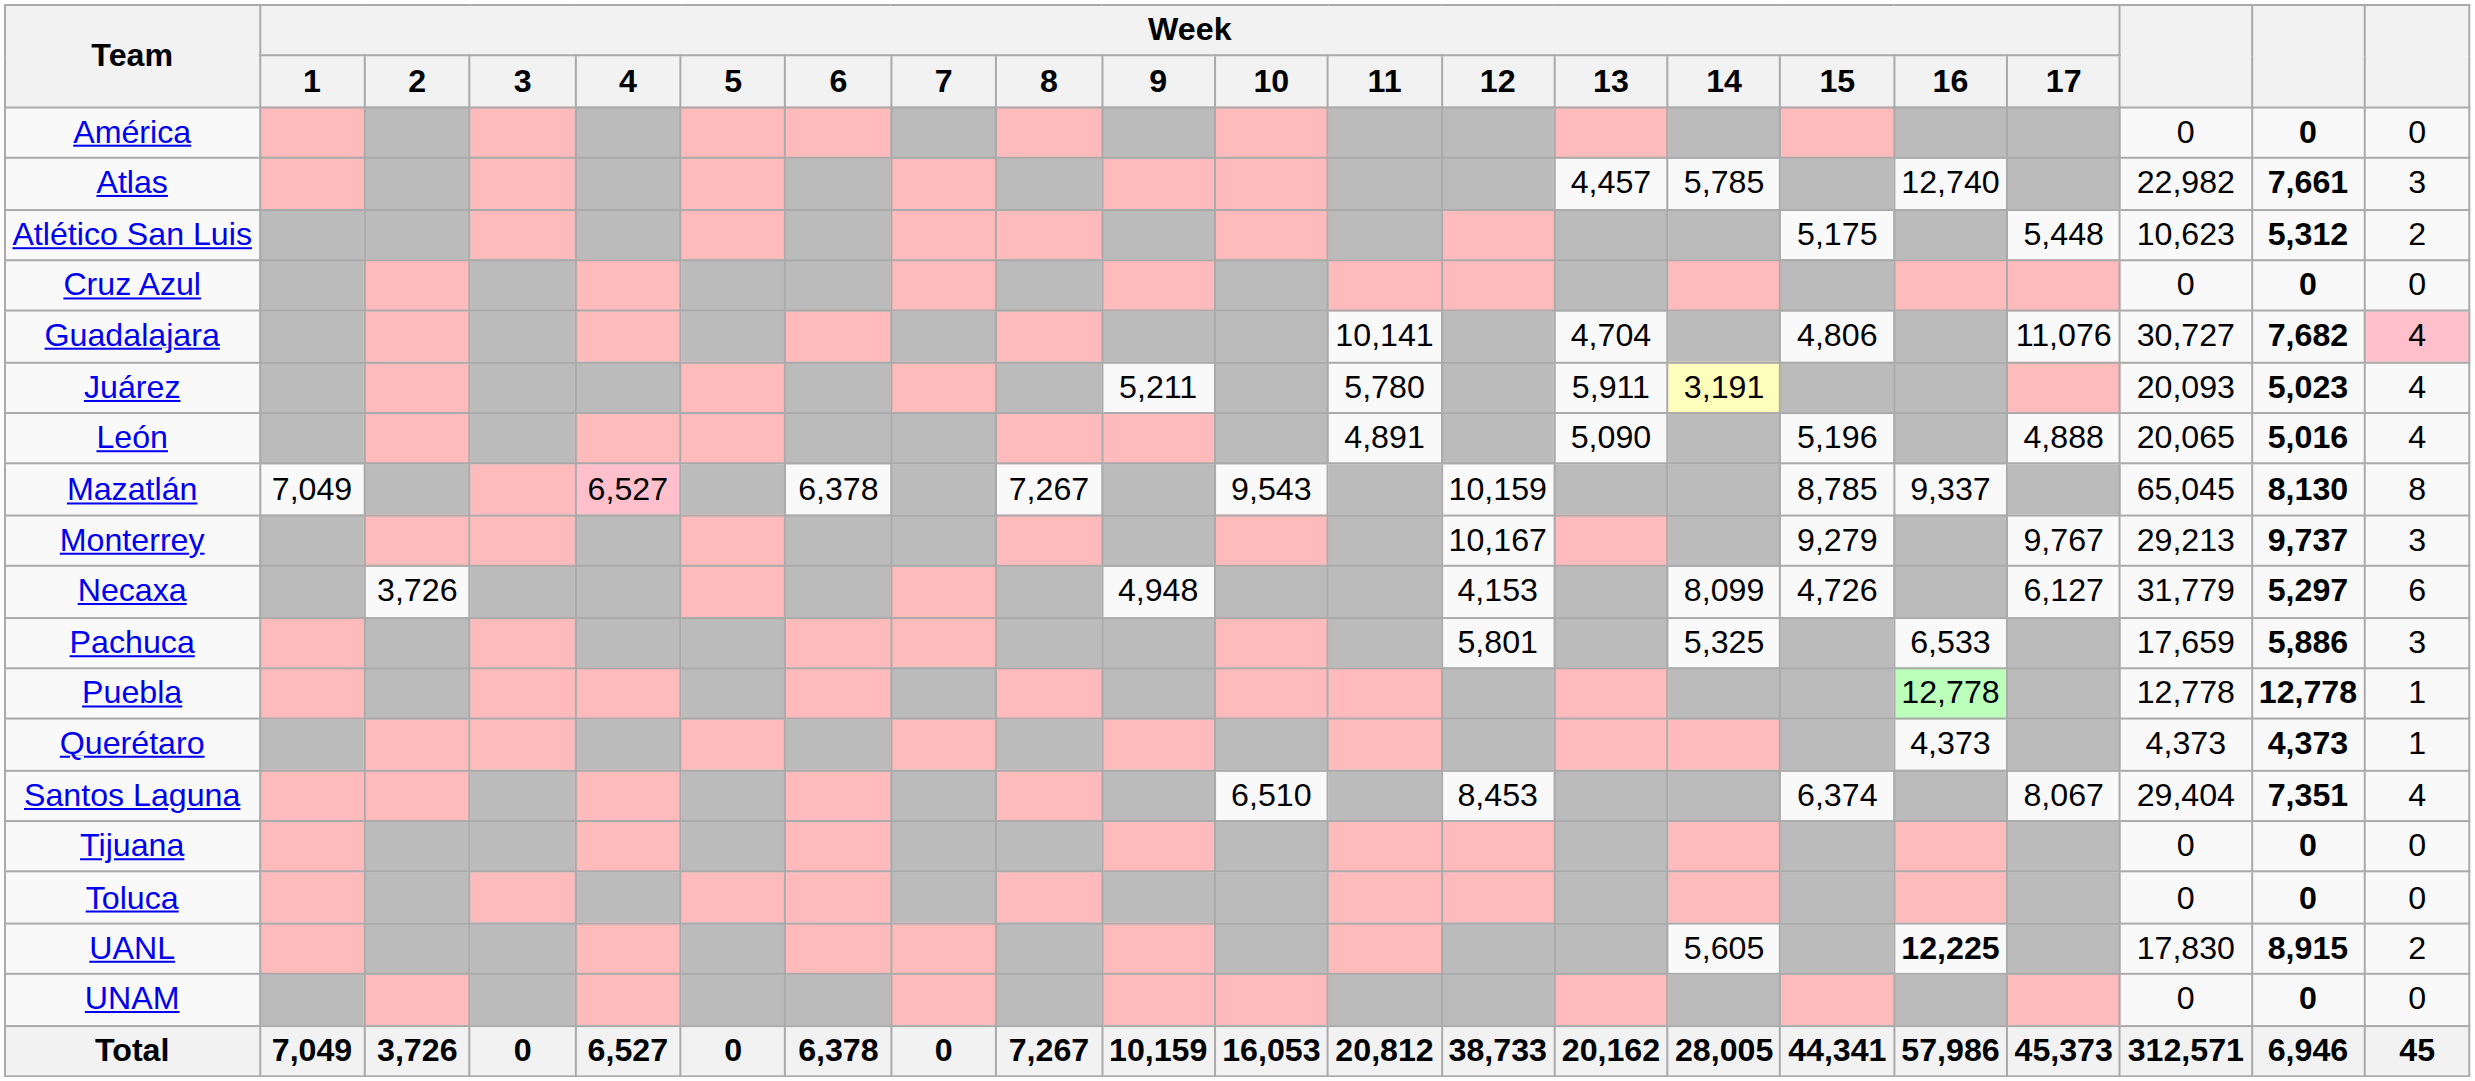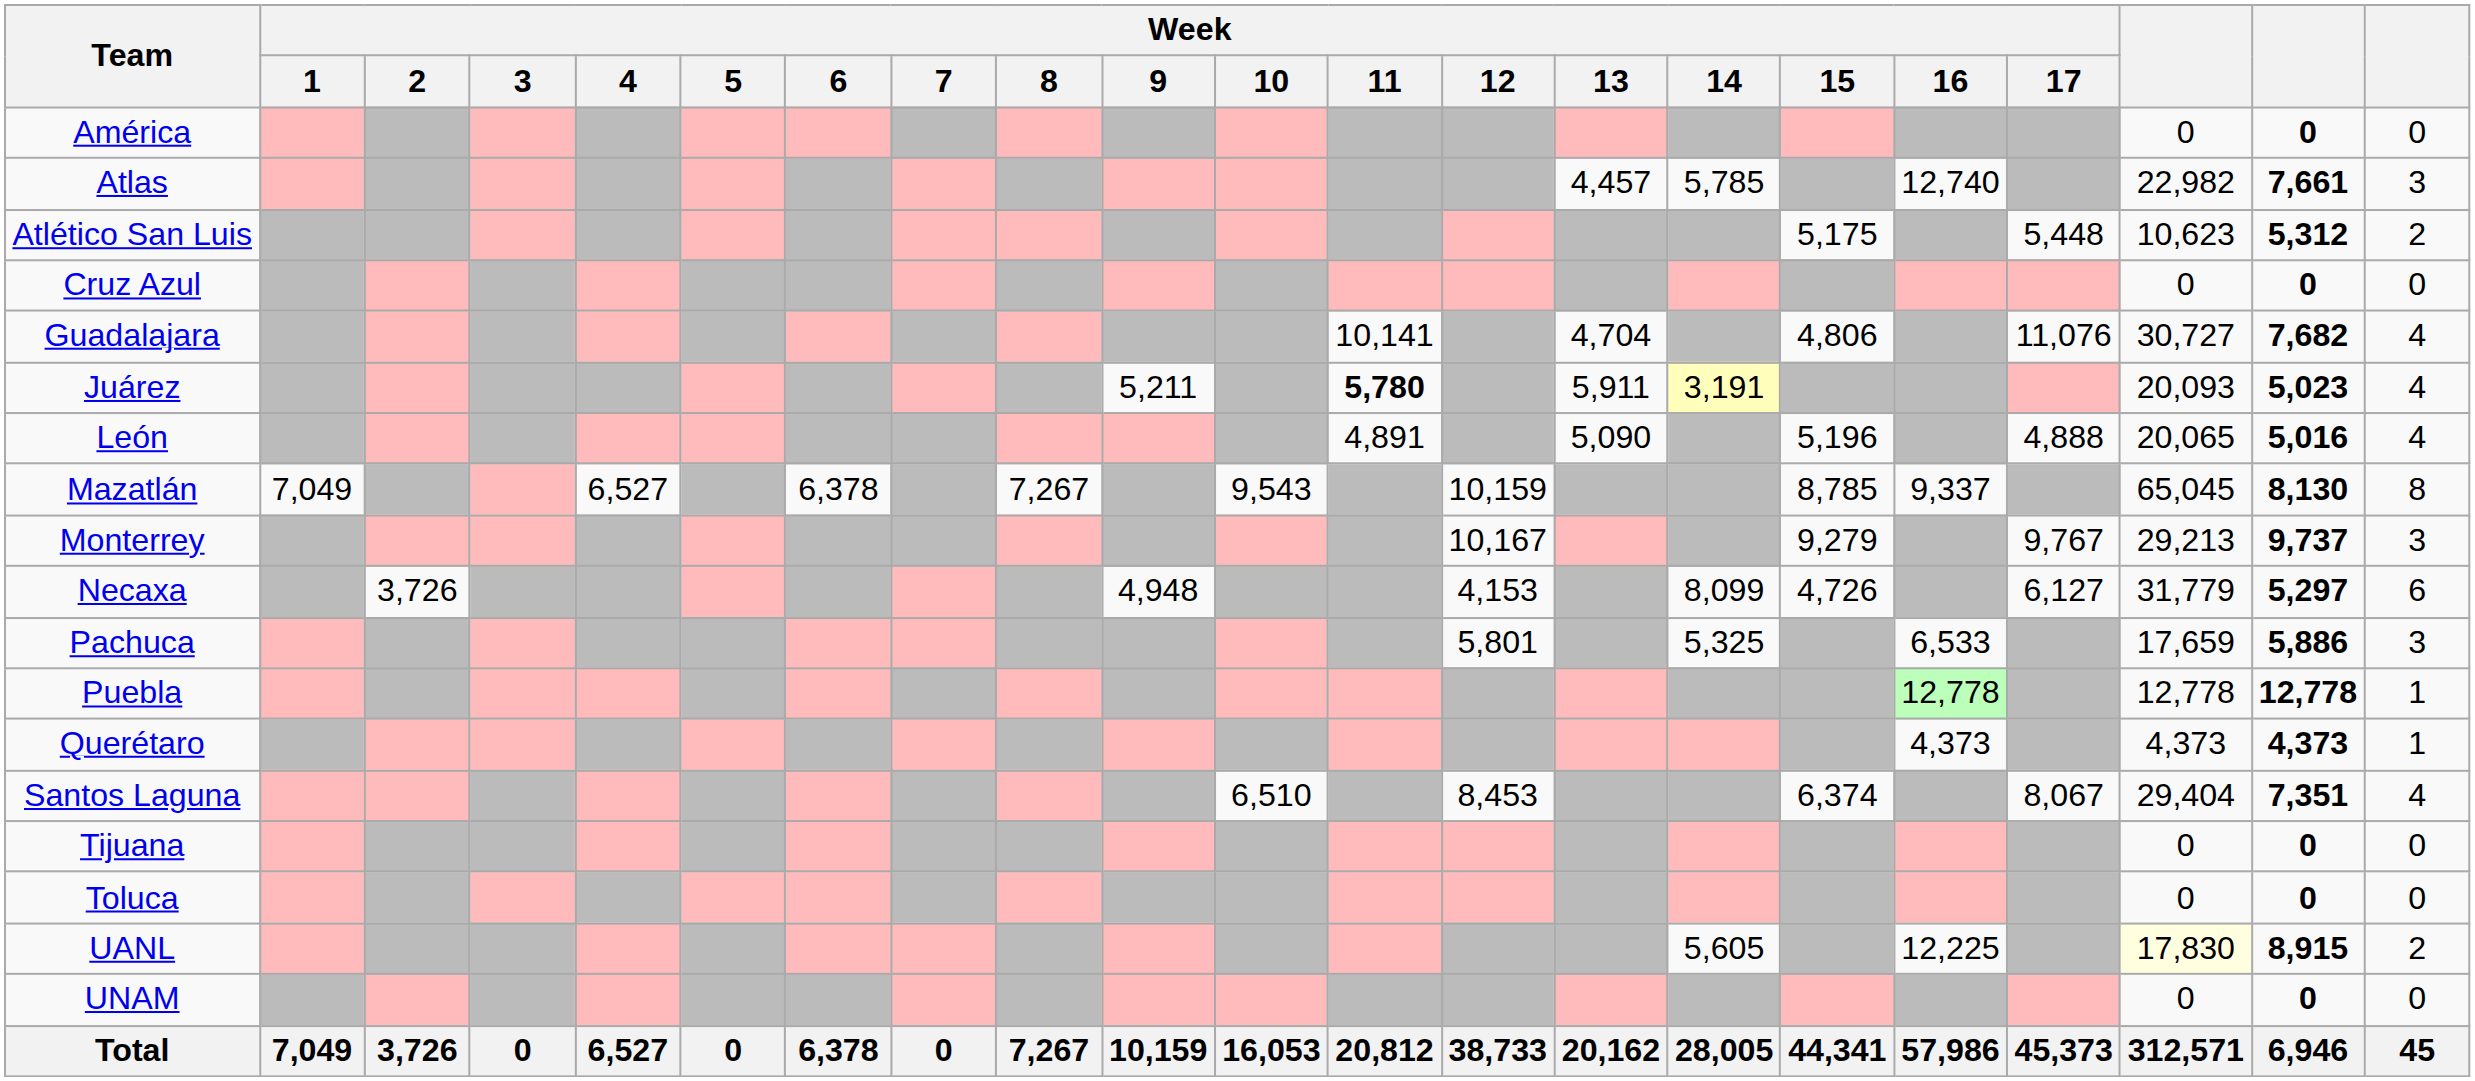 <table class="wikitable" style="text-align:center">
 <tr>
 <th colspan=1 rowspan="2">Team</th>
 <th colspan=17>Week</th>
 <th colspan=1 rowspan="2" width=45></th>
 <th colspan=1 rowspan="2" width=45></th>
 <th colspan=1 rowspan="2" width=45></th>
 </tr>
 <tr>
 <th width=45>1</th>
 <th width=45>2</th>
 <th width=45>3</th>
 <th width=45>4</th>
 <th width=45>5</th>
 <th width=45>6</th>
 <th width=45>7</th>
 <th width=45>8</th>
 <th width=45>9</th>
 <th width=45>10</th>
 <th width=45>11</th>
 <th width=45>12</th>
 <th width=45>13</th>
 <th width=45>14</th>
 <th width=45>15</th>
 <th width=45>16</th>
 <th width=45>17</th>
 </tr>
 <tr>
 <td><a href='#'>América</a></td>
 <td bgcolor=#FFBBBB></td>
 <td bgcolor=#BBBBBB></td>
 <td bgcolor=#FFBBBB></td>
 <td bgcolor=#BBBBBB></td>
 <td bgcolor=#FFBBBB></td>
 <td bgcolor=#FFBBBB></td>
 <td bgcolor=#BBBBBB></td>
 <td bgcolor=#FFBBBB></td>
 <td bgcolor=#BBBBBB></td>
 <td bgcolor=#FFBBBB></td>
 <td bgcolor=#BBBBBB></td>
 <td bgcolor=#BBBBBB></td>
 <td bgcolor=#FFBBBB></td>
 <td bgcolor=#BBBBBB></td>
 <td bgcolor=#FFBBBB></td>
 <td bgcolor=#BBBBBB></td>
 <td bgcolor=#BBBBBB></td>
 <td>0</td>
 <td><strong>0</strong></td>
 <td>0</td>
 </tr>
 <tr>
 <td><a href='#'>Atlas</a></td>
 <td bgcolor=#FFBBBB></td>
 <td bgcolor=#BBBBBB></td>
 <td bgcolor=#FFBBBB></td>
 <td bgcolor=#BBBBBB></td>
 <td bgcolor=#FFBBBB></td>
 <td bgcolor=#BBBBBB></td>
 <td bgcolor=#FFBBBB></td>
 <td bgcolor=#BBBBBB></td>
 <td bgcolor=#FFBBBB></td>
 <td bgcolor=#FFBBBB></td>
 <td bgcolor=#BBBBBB></td>
 <td bgcolor=#BBBBBB></td>
 <td>4,457</td>
 <td>5,785</td>
 <td bgcolor=#BBBBBB></td>
 <td>12,740</td>
 <td bgcolor=#BBBBBB></td>
 <td>22,982</td>
 <td><strong>7,661</strong></td>
 <td>3</td>
 </tr>
 <tr>
 <td><a href='#'>Atlético San Luis</a></td>
 <td bgcolor=#BBBBBB></td>
 <td bgcolor=#BBBBBB></td>
 <td bgcolor=#FFBBBB></td>
 <td bgcolor=#BBBBBB></td>
 <td bgcolor=#FFBBBB></td>
 <td bgcolor=#BBBBBB></td>
 <td bgcolor=#FFBBBB></td>
 <td bgcolor=#FFBBBB></td>
 <td bgcolor=#BBBBBB></td>
 <td bgcolor=#FFBBBB></td>
 <td bgcolor=#BBBBBB></td>
 <td bgcolor=#FFBBBB></td>
 <td bgcolor=#BBBBBB></td>
 <td bgcolor=#BBBBBB></td>
 <td>5,175</td>
 <td bgcolor=#BBBBBB></td>
 <td>5,448</td>
 <td>10,623</td>
 <td><strong>5,312</strong></td>
 <td>2</td>
 </tr>
 <tr>
 <td><a href='#'>Cruz Azul</a></td>
 <td bgcolor=#BBBBBB></td>
 <td bgcolor=#FFBBBB></td>
 <td bgcolor=#BBBBBB></td>
 <td bgcolor=#FFBBBB></td>
 <td bgcolor=#BBBBBB></td>
 <td bgcolor=#BBBBBB></td>
 <td bgcolor=#FFBBBB></td>
 <td bgcolor=#BBBBBB></td>
 <td bgcolor=#FFBBBB></td>
 <td bgcolor=#BBBBBB></td>
 <td bgcolor=#FFBBBB></td>
 <td bgcolor=#FFBBBB></td>
 <td bgcolor=#BBBBBB></td>
 <td bgcolor=#FFBBBB></td>
 <td bgcolor=#BBBBBB></td>
 <td bgcolor=#FFBBBB></td>
 <td bgcolor=#FFBBBB></td>
 <td>0</td>
 <td><strong>0</strong></td>
 <td>0</td>
 </tr>
 <tr>
 <td><a href='#'>Guadalajara</a></td>
 <td bgcolor=#BBBBBB></td>
 <td bgcolor=#FFBBBB></td>
 <td bgcolor=#BBBBBB></td>
 <td bgcolor=#FFBBBB></td>
 <td bgcolor=#BBBBBB></td>
 <td bgcolor=#FFBBBB></td>
 <td bgcolor=#BBBBBB></td>
 <td bgcolor=#FFBBBB></td>
 <td bgcolor=#BBBBBB></td>
 <td bgcolor=#BBBBBB></td>
 <td>10,141</td>
 <td bgcolor=#BBBBBB></td>
 <td>4,704</td>
 <td bgcolor=#BBBBBB></td>
 <td>4,806</td>
 <td bgcolor=#BBBBBB></td>
 <td>11,076</td>
 <td>30,727</td>
 <td><strong>7,682</strong></td>
-<td style="background: pink;">4</td>
+<td>4</td>
 </tr>
 <tr>
 <td><a href='#'>Juárez</a></td>
 <td bgcolor=#BBBBBB></td>
 <td bgcolor=#FFBBBB></td>
 <td bgcolor=#BBBBBB></td>
 <td bgcolor=#BBBBBB></td>
 <td bgcolor=#FFBBBB></td>
 <td bgcolor=#BBBBBB></td>
 <td bgcolor=#FFBBBB></td>
 <td bgcolor=#BBBBBB></td>
 <td>5,211</td>
 <td bgcolor=#BBBBBB></td>
-<td>5,780</td>
+<td><strong>5,780</strong></td>
 <td bgcolor=#BBBBBB></td>
 <td>5,911</td>
 <td bgcolor=#FFFFBB>3,191</td>
 <td bgcolor=#BBBBBB></td>
 <td bgcolor=#BBBBBB></td>
 <td bgcolor=#FFBBBB></td>
 <td>20,093</td>
 <td><strong>5,023</strong></td>
 <td>4</td>
 </tr>
 <tr>
 <td><a href='#'>León</a></td>
 <td bgcolor=#BBBBBB></td>
 <td bgcolor=#FFBBBB></td>
 <td bgcolor=#BBBBBB></td>
 <td bgcolor=#FFBBBB></td>
 <td bgcolor=#FFBBBB></td>
 <td bgcolor=#BBBBBB></td>
 <td bgcolor=#BBBBBB></td>
 <td bgcolor=#FFBBBB></td>
 <td bgcolor=#FFBBBB></td>
 <td bgcolor=#BBBBBB></td>
 <td>4,891</td>
 <td bgcolor=#BBBBBB></td>
 <td>5,090</td>
 <td bgcolor=#BBBBBB></td>
 <td>5,196</td>
 <td bgcolor=#BBBBBB></td>
 <td>4,888</td>
 <td>20,065</td>
 <td><strong>5,016</strong></td>
 <td>4</td>
 </tr>
 <tr>
 <td><a href='#'>Mazatlán</a></td>
 <td>7,049</td>
 <td bgcolor=#BBBBBB></td>
 <td bgcolor=#FFBBBB></td>
-<td style="background: pink;">6,527</td>
+<td>6,527</td>
 <td bgcolor=#BBBBBB></td>
 <td>6,378</td>
 <td bgcolor=#BBBBBB></td>
 <td>7,267</td>
 <td bgcolor=#BBBBBB></td>
 <td>9,543</td>
 <td bgcolor=#BBBBBB></td>
 <td>10,159</td>
 <td bgcolor=#BBBBBB></td>
 <td bgcolor=#BBBBBB></td>
 <td>8,785</td>
 <td>9,337</td>
 <td bgcolor=#BBBBBB></td>
 <td>65,045</td>
 <td><strong>8,130</strong></td>
 <td>8</td>
 </tr>
 <tr>
 <td><a href='#'>Monterrey</a></td>
 <td bgcolor=#BBBBBB></td>
 <td bgcolor=#FFBBBB></td>
 <td bgcolor=#FFBBBB></td>
 <td bgcolor=#BBBBBB></td>
 <td bgcolor=#FFBBBB></td>
 <td bgcolor=#BBBBBB></td>
 <td bgcolor=#BBBBBB></td>
 <td bgcolor=#FFBBBB></td>
 <td bgcolor=#BBBBBB></td>
 <td bgcolor=#FFBBBB></td>
 <td bgcolor=#BBBBBB></td>
 <td>10,167</td>
 <td bgcolor=#FFBBBB></td>
 <td bgcolor=#BBBBBB></td>
 <td>9,279</td>
 <td bgcolor=#BBBBBB></td>
 <td>9,767</td>
 <td>29,213</td>
 <td><strong>9,737</strong></td>
 <td>3</td>
 </tr>
 <tr>
 <td><a href='#'>Necaxa</a></td>
 <td bgcolor=#BBBBBB></td>
 <td>3,726</td>
 <td bgcolor=#BBBBBB></td>
 <td bgcolor=#BBBBBB></td>
 <td bgcolor=#FFBBBB></td>
 <td bgcolor=#BBBBBB></td>
 <td bgcolor=#FFBBBB></td>
 <td bgcolor=#BBBBBB></td>
 <td>4,948</td>
 <td bgcolor=#BBBBBB></td>
 <td bgcolor=#BBBBBB></td>
 <td>4,153</td>
 <td bgcolor=#BBBBBB></td>
 <td>8,099</td>
 <td>4,726</td>
 <td bgcolor=#BBBBBB></td>
 <td>6,127</td>
 <td>31,779</td>
 <td><strong>5,297</strong></td>
 <td>6</td>
 </tr>
 <tr>
 <td><a href='#'>Pachuca</a></td>
 <td bgcolor=#FFBBBB></td>
 <td bgcolor=#BBBBBB></td>
 <td bgcolor=#FFBBBB></td>
 <td bgcolor=#BBBBBB></td>
 <td bgcolor=#BBBBBB></td>
 <td bgcolor=#FFBBBB></td>
 <td bgcolor=#FFBBBB></td>
 <td bgcolor=#BBBBBB></td>
 <td bgcolor=#BBBBBB></td>
 <td bgcolor=#FFBBBB></td>
 <td bgcolor=#BBBBBB></td>
 <td>5,801</td>
 <td bgcolor=#BBBBBB></td>
 <td>5,325</td>
 <td bgcolor=#BBBBBB></td>
 <td>6,533</td>
 <td bgcolor=#BBBBBB></td>
 <td>17,659</td>
 <td><strong>5,886</strong></td>
 <td>3</td>
 </tr>
 <tr>
 <td><a href='#'>Puebla</a></td>
 <td bgcolor=#FFBBBB></td>
 <td bgcolor=#BBBBBB></td>
 <td bgcolor=#FFBBBB></td>
 <td bgcolor=#FFBBBB></td>
 <td bgcolor=#BBBBBB></td>
 <td bgcolor=#FFBBBB></td>
 <td bgcolor=#BBBBBB></td>
 <td bgcolor=#FFBBBB></td>
 <td bgcolor=#BBBBBB></td>
 <td bgcolor=#FFBBBB></td>
 <td bgcolor=#FFBBBB></td>
 <td bgcolor=#BBBBBB></td>
 <td bgcolor=#FFBBBB></td>
 <td bgcolor=#BBBBBB></td>
 <td bgcolor=#BBBBBB></td>
 <td bgcolor=#BBFFBB>12,778</td>
 <td bgcolor=#BBBBBB></td>
 <td>12,778</td>
 <td><strong>12,778</strong></td>
 <td>1</td>
 </tr>
 <tr>
 <td><a href='#'>Querétaro</a></td>
 <td bgcolor=#BBBBBB></td>
 <td bgcolor=#FFBBBB></td>
 <td bgcolor=#FFBBBB></td>
 <td bgcolor=#BBBBBB></td>
 <td bgcolor=#FFBBBB></td>
 <td bgcolor=#BBBBBB></td>
 <td bgcolor=#FFBBBB></td>
 <td bgcolor=#BBBBBB></td>
 <td bgcolor=#FFBBBB></td>
 <td bgcolor=#BBBBBB></td>
 <td bgcolor=#FFBBBB></td>
 <td bgcolor=#BBBBBB></td>
 <td bgcolor=#FFBBBB></td>
 <td bgcolor=#FFBBBB></td>
 <td bgcolor=#BBBBBB></td>
 <td>4,373</td>
 <td bgcolor=#BBBBBB></td>
 <td>4,373</td>
 <td><strong>4,373</strong></td>
 <td>1</td>
 </tr>
 <tr>
 <td><a href='#'>Santos Laguna</a></td>
 <td bgcolor=#FFBBBB></td>
 <td bgcolor=#FFBBBB></td>
 <td bgcolor=#BBBBBB></td>
 <td bgcolor=#FFBBBB></td>
 <td bgcolor=#BBBBBB></td>
 <td bgcolor=#FFBBBB></td>
 <td bgcolor=#BBBBBB></td>
 <td bgcolor=#FFBBBB></td>
 <td bgcolor=#BBBBBB></td>
 <td>6,510</td>
 <td bgcolor=#BBBBBB></td>
 <td>8,453</td>
 <td bgcolor=#BBBBBB></td>
 <td bgcolor=#BBBBBB></td>
 <td>6,374</td>
 <td bgcolor=#BBBBBB></td>
 <td>8,067</td>
 <td>29,404</td>
 <td><strong>7,351</strong></td>
 <td>4</td>
 </tr>
 <tr>
 <td><a href='#'>Tijuana</a></td>
 <td bgcolor=#FFBBBB></td>
 <td bgcolor=#BBBBBB></td>
 <td bgcolor=#BBBBBB></td>
 <td bgcolor=#FFBBBB></td>
 <td bgcolor=#BBBBBB></td>
 <td bgcolor=#FFBBBB></td>
 <td bgcolor=#BBBBBB></td>
 <td bgcolor=#BBBBBB></td>
 <td bgcolor=#FFBBBB></td>
 <td bgcolor=#BBBBBB></td>
 <td bgcolor=#FFBBBB></td>
 <td bgcolor=#FFBBBB></td>
 <td bgcolor=#BBBBBB></td>
 <td bgcolor=#FFBBBB></td>
 <td bgcolor=#BBBBBB></td>
 <td bgcolor=#FFBBBB></td>
 <td bgcolor=#BBBBBB></td>
 <td>0</td>
 <td><strong>0</strong></td>
 <td>0</td>
 </tr>
 <tr>
 <td><a href='#'>Toluca</a></td>
 <td bgcolor=#FFBBBB></td>
 <td bgcolor=#BBBBBB></td>
 <td bgcolor=#FFBBBB></td>
 <td bgcolor=#BBBBBB></td>
 <td bgcolor=#FFBBBB></td>
 <td bgcolor=#FFBBBB></td>
 <td bgcolor=#BBBBBB></td>
 <td bgcolor=#FFBBBB></td>
 <td bgcolor=#BBBBBB></td>
 <td bgcolor=#BBBBBB></td>
 <td bgcolor=#FFBBBB></td>
 <td bgcolor=#FFBBBB></td>
 <td bgcolor=#BBBBBB></td>
 <td bgcolor=#FFBBBB></td>
 <td bgcolor=#BBBBBB></td>
 <td bgcolor=#FFBBBB></td>
 <td bgcolor=#BBBBBB></td>
 <td>0</td>
 <td><strong>0</strong></td>
 <td>0</td>
 </tr>
 <tr>
 <td><a href='#'>UANL</a></td>
 <td bgcolor=#FFBBBB></td>
 <td bgcolor=#BBBBBB></td>
 <td bgcolor=#BBBBBB></td>
 <td bgcolor=#FFBBBB></td>
 <td bgcolor=#BBBBBB></td>
 <td bgcolor=#FFBBBB></td>
 <td bgcolor=#FFBBBB></td>
 <td bgcolor=#BBBBBB></td>
 <td bgcolor=#FFBBBB></td>
 <td bgcolor=#BBBBBB></td>
 <td bgcolor=#FFBBBB></td>
 <td bgcolor=#BBBBBB></td>
 <td bgcolor=#BBBBBB></td>
 <td>5,605</td>
 <td bgcolor=#BBBBBB></td>
-<td><strong>12,225</strong></td>
+<td>12,225</td>
 <td bgcolor=#BBBBBB></td>
-<td>17,830</td>
+<td style="background: lightyellow;">17,830</td>
 <td><strong>8,915</strong></td>
 <td>2</td>
 </tr>
 <tr>
 <td><a href='#'>UNAM</a></td>
 <td bgcolor=#BBBBBB></td>
 <td bgcolor=#FFBBBB></td>
 <td bgcolor=#BBBBBB></td>
 <td bgcolor=#FFBBBB></td>
 <td bgcolor=#BBBBBB></td>
 <td bgcolor=#BBBBBB></td>
 <td bgcolor=#FFBBBB></td>
 <td bgcolor=#BBBBBB></td>
 <td bgcolor=#FFBBBB></td>
 <td bgcolor=#FFBBBB></td>
 <td bgcolor=#BBBBBB></td>
 <td bgcolor=#BBBBBB></td>
 <td bgcolor=#FFBBBB></td>
 <td bgcolor=#BBBBBB></td>
 <td bgcolor=#FFBBBB></td>
 <td bgcolor=#BBBBBB></td>
 <td bgcolor=#FFBBBB></td>
 <td>0</td>
 <td><strong>0</strong></td>
 <td>0</td>
 </tr>
 <tr>
 <th align=center>Total</th>
 <th>7,049</th>
 <th>3,726</th>
 <th>0</th>
 <th>6,527</th>
 <th>0</th>
 <th>6,378</th>
 <th>0</th>
 <th>7,267</th>
 <th>10,159</th>
 <th>16,053</th>
 <th>20,812</th>
 <th>38,733</th>
 <th>20,162</th>
 <th>28,005</th>
 <th>44,341</th>
 <th>57,986</th>
 <th>45,373</th>
 <th>312,571</th>
 <th>6,946</th>
 <th>45</th>
 </tr>
 </table>
